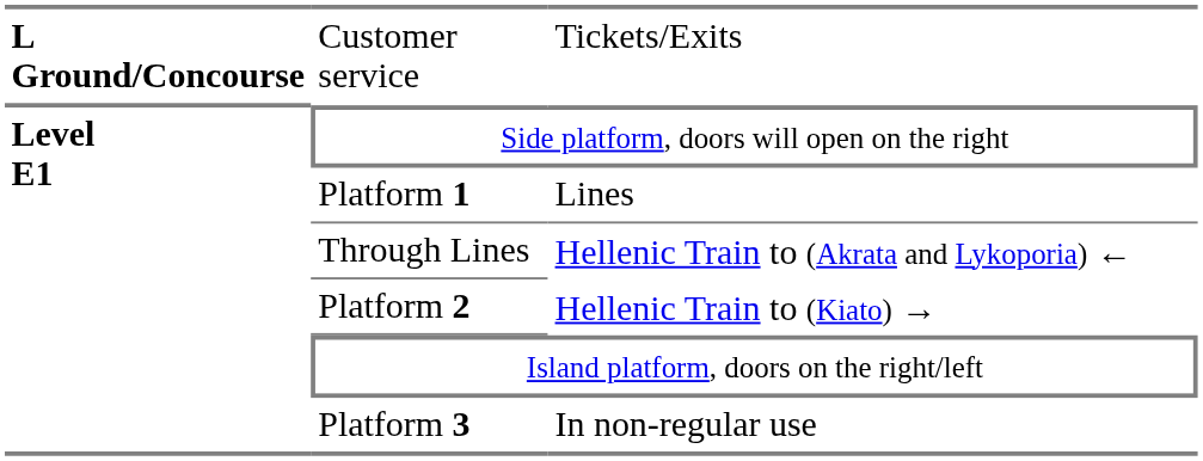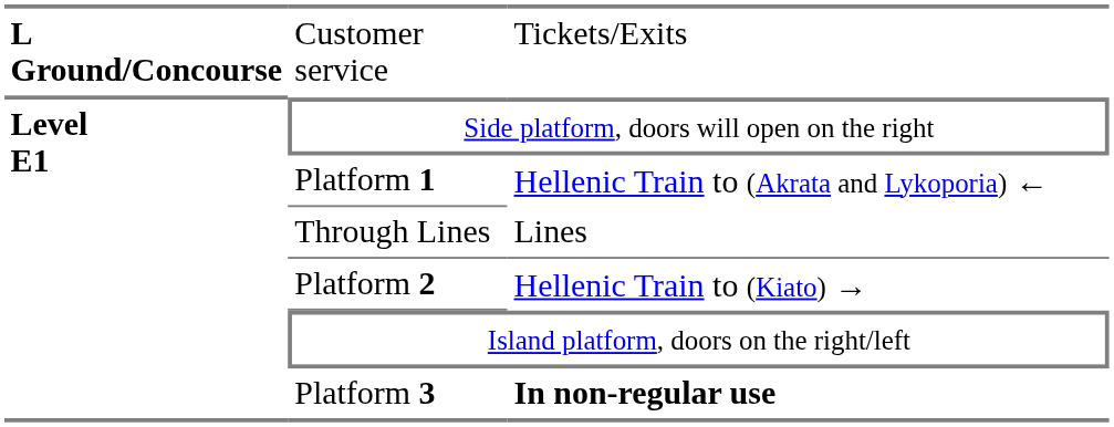 <table table border=0 cellspacing=0 cellpadding=3>
 <tr>
 <td style="border-bottom:solid 2px gray;border-top:solid 2px gray;" width=50 valign=top><strong>L<br>Ground/Concourse</strong></td>
 <td style="border-top:solid 2px gray;border-bottom:solid 1px gray;" width=100 valign=top>Customer service</td>
 <td style="border-top:solid 2px gray;border-bottom:solid 1px gray;" width=285 valign=top>Tickets/Exits</td>
 </tr>
 <tr>
 <td style="border-bottom:solid 2px gray;" rowspan=12 valign=top><strong>Level<br>Ε1</strong></td>
 <td style="border-top:solid 1px gray;border-right:solid 2px gray;border-left:solid 2px gray;border-bottom:solid 2px gray;text-align:center;" colspan=2><small><a href='#'>Side platform</a>, doors will open on the right</small></td>
 </tr>
 <tr>
 <td style="border-bottom:solid 1px gray;">Platform <strong>1</strong></td>
-<td style="border-bottom:solid 1px gray;"> Lines</td>
+<td><a href='#'>Hellenic Train</a> to  <small>(<a href='#'>Akrata</a> and <a href='#'>Lykoporia</a>)</small> ←</td>
 </tr>
 <tr>
 <td style="border-bottom:solid 1px gray;">Through Lines</td>
-<td><a href='#'>Hellenic Train</a> to  <small>(<a href='#'>Akrata</a> and <a href='#'>Lykoporia</a>)</small> ←</td>
+<td style="border-bottom:solid 1px gray;"> Lines</td>
 </tr>
 <tr>
 <td style="border-bottom:solid 1px gray;">Platform <strong>2</strong></td>
 <td><a href='#'>Hellenic Train</a> to  <small>(<a href='#'>Kiato</a>)</small> →</td>
 </tr>
 <tr>
 <td style="border-top:solid 2px gray;border-right:solid 2px gray;border-left:solid 2px gray;border-bottom:solid 2px gray;text-align:center;" colspan=2><small><a href='#'>Island platform</a>, doors on the right/left</small></td>
 </tr>
 <tr>
 <td style="border-bottom:solid 2px gray;">Platform <span><strong>3</strong></span></td>
-<td style="border-bottom:solid 2px gray;">In non-regular use</td>
+<td style="border-bottom:solid 2px gray;"><strong>In non-regular use</strong></td>
 </tr>
 </table>
